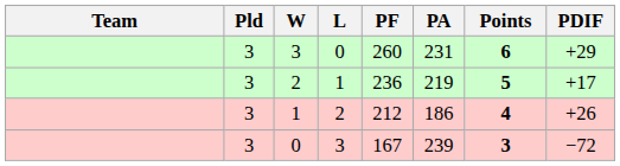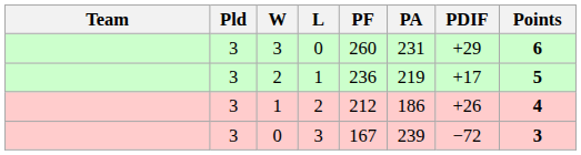 <table class=wikitable style="text-align:center" width=500>
 <tr>
 <th width=25%>Team</th>
 <th width=5%>Pld</th>
 <th width=5%>W</th>
 <th width=5%>L</th>
 <th width=5%>PF</th>
 <th width=5%>PA</th>
+<th width=5%>PDIF</th>
 <th width=8%>Points</th>
-<th width=5%>PDIF</th>
 </tr>
 <tr bgcolor=ccffcc>
 <td align="left"></td>
 <td>3</td>
 <td>3</td>
 <td>0</td>
 <td>260</td>
 <td>231</td>
+<td>+29</td>
 <td><strong>6</strong></td>
-<td>+29</td>
 </tr>
 <tr bgcolor=ccffcc>
 <td align="left"></td>
 <td>3</td>
 <td>2</td>
 <td>1</td>
 <td>236</td>
 <td>219</td>
+<td>+17</td>
 <td><strong>5</strong></td>
-<td>+17</td>
 </tr>
 <tr bgcolor=ffcccc>
 <td align="left"></td>
 <td>3</td>
 <td>1</td>
 <td>2</td>
 <td>212</td>
 <td>186</td>
+<td>+26</td>
 <td><strong>4</strong></td>
-<td>+26</td>
 </tr>
 <tr bgcolor=ffcccc>
 <td align="left"></td>
 <td>3</td>
 <td>0</td>
 <td>3</td>
 <td>167</td>
 <td>239</td>
+<td>−72</td>
 <td><strong>3</strong></td>
-<td>−72</td>
 </tr>
 </table>
